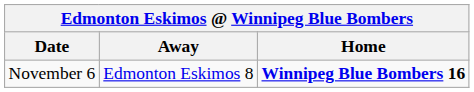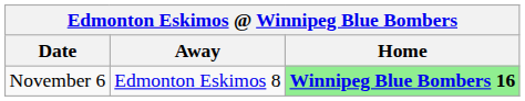 <table class="wikitable">
 <tr>
 <th colspan="3"><a href='#'>Edmonton Eskimos</a> @ <a href='#'>Winnipeg Blue Bombers</a></th>
 </tr>
 <tr>
 <th>Date</th>
 <th>Away</th>
 <th>Home</th>
 </tr>
 <tr>
 <td>November 6</td>
 <td><a href='#'>Edmonton Eskimos</a> 8</td>
-<td><strong><a href='#'>Winnipeg Blue Bombers</a> 16</strong></td>
+<td style="background: lightgreen;"><strong><a href='#'>Winnipeg Blue Bombers</a> 16</strong></td>
 </tr>
 </table>
